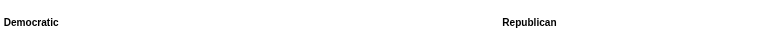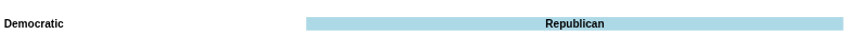 <table style="width:100%; text-align:center">
 <tr style="color:white">
 <td style="background:"><strong>8</strong></td>
 <td style="background:"><strong>40</strong></td>
 </tr>
 <tr>
 <td style="color:"><strong>Democratic</strong></td>
-<td style="color:"><strong>Republican</strong></td>
+<td style="background: lightblue; color:"><strong>Republican</strong></td>
 </tr>
 </table>
